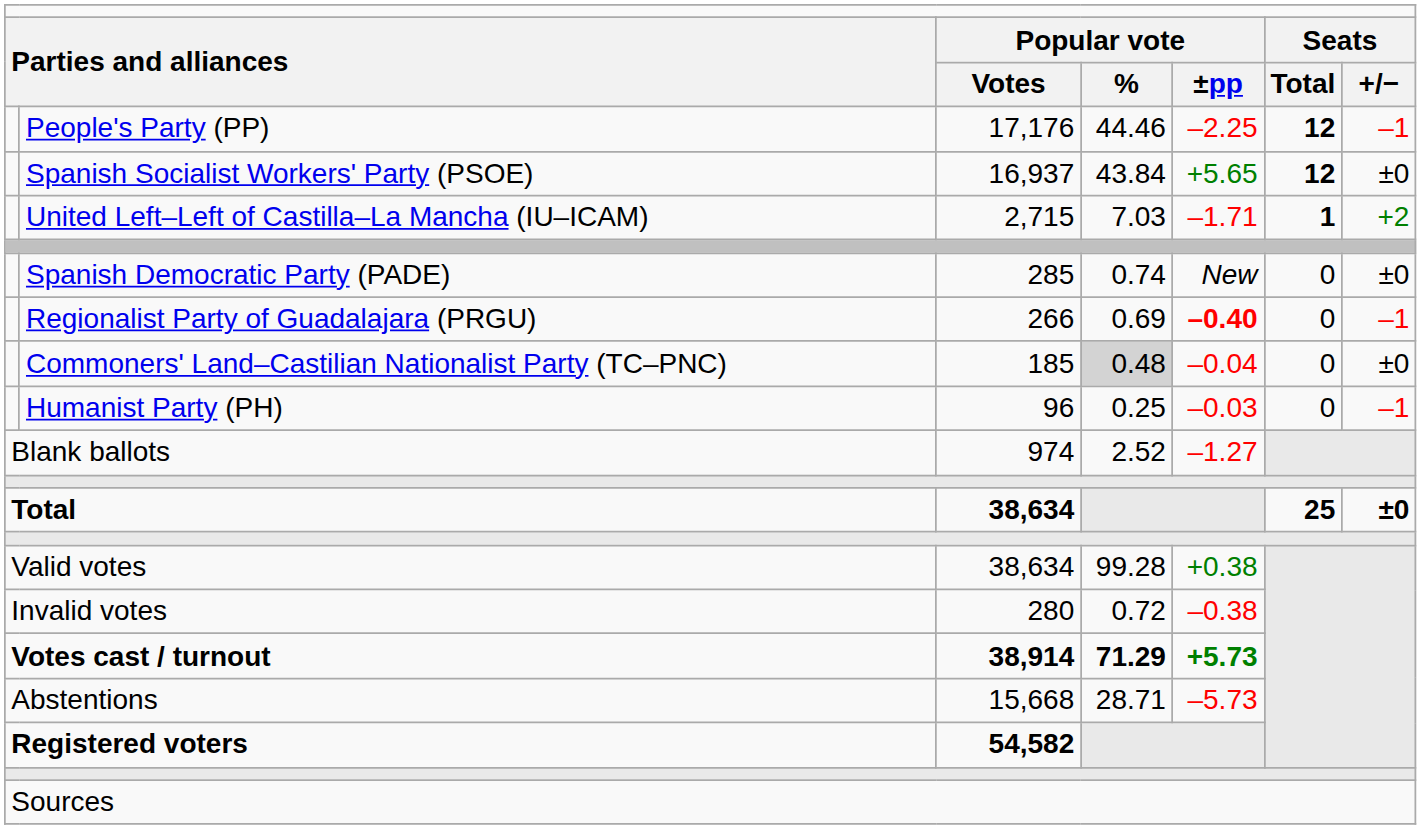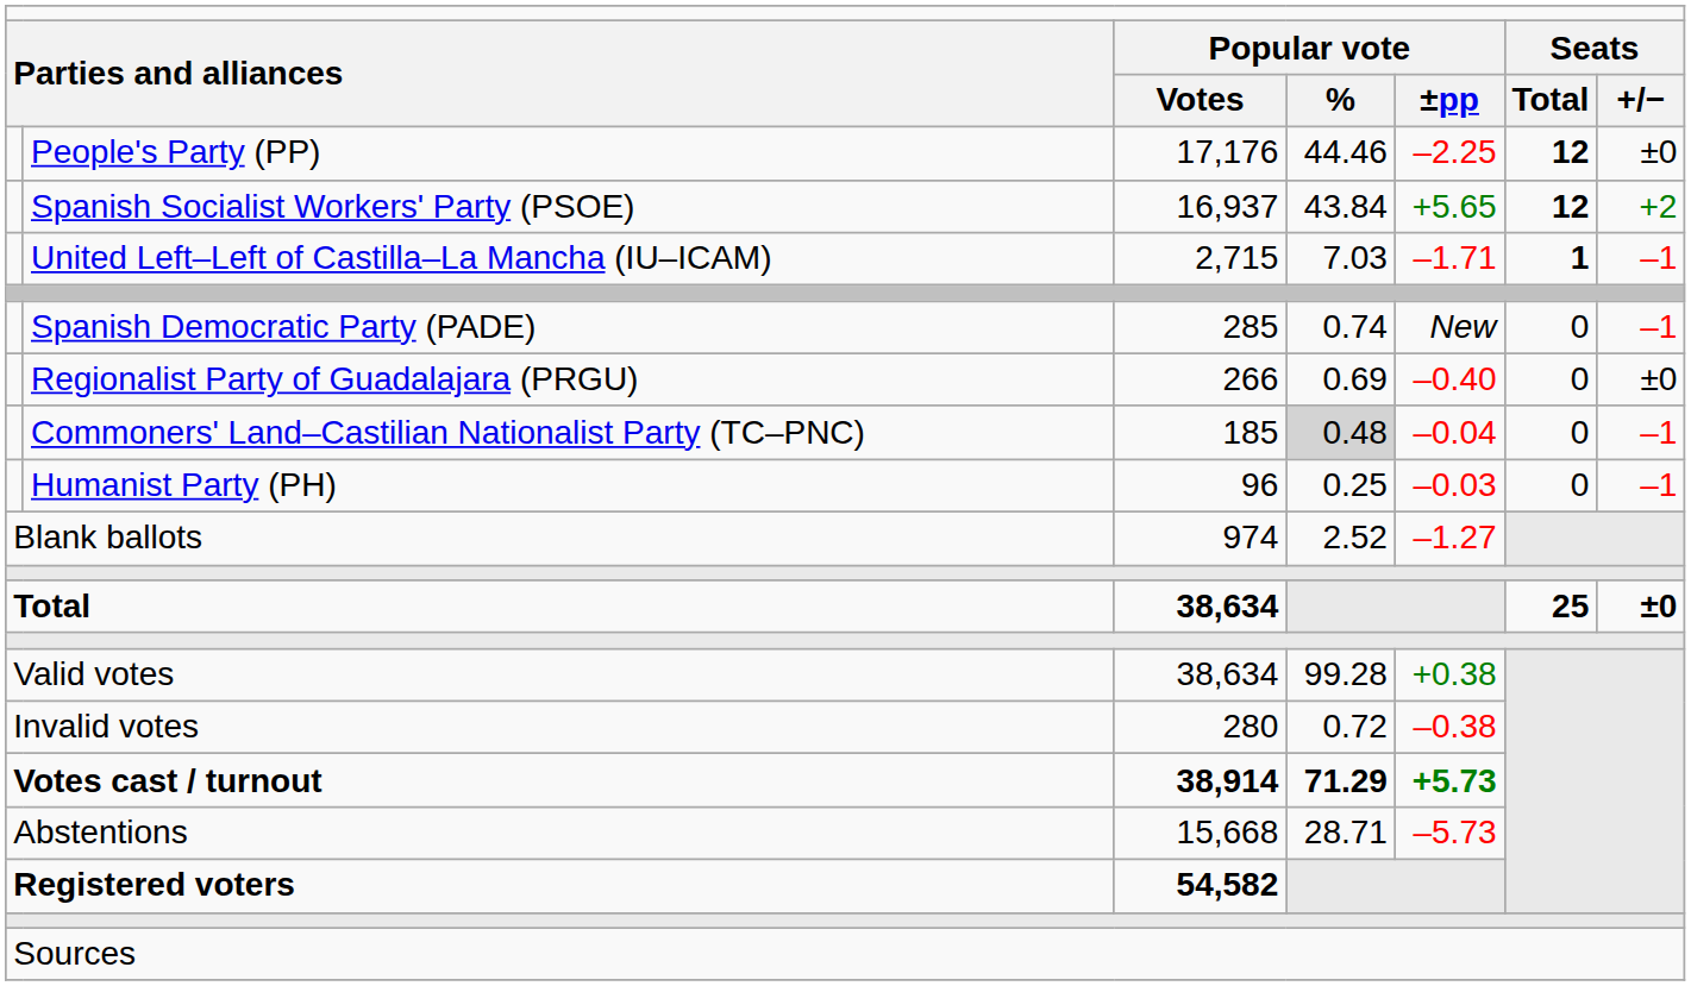 <table class="wikitable" style="text-align:right;">
 <tr>
 <td colspan="7"></td>
 </tr>
 <tr>
 <th style="text-align:left;" rowspan="2" colspan="2" width="525">Parties and alliances</th>
 <th colspan="3">Popular vote</th>
 <th colspan="2">Seats</th>
 </tr>
 <tr>
 <th width="75">Votes</th>
 <th width="45">%</th>
 <th width="45">±<a href='#'>pp</a></th>
 <th width="35">Total</th>
 <th width="35">+/−</th>
 </tr>
 <tr>
 <td width="1" style="color:inherit;background:"></td>
 <td align="left"><a href='#'>People's Party</a> (PP)</td>
 <td>17,176</td>
 <td>44.46</td>
 <td style="color:red;">–2.25</td>
 <td><strong>12</strong></td>
-<td style="color:red;">–1</td>
+<td>±0</td>
 </tr>
 <tr>
 <td style="color:inherit;background:"></td>
 <td align="left"><a href='#'>Spanish Socialist Workers' Party</a> (PSOE)</td>
 <td>16,937</td>
 <td>43.84</td>
 <td style="color:green;">+5.65</td>
 <td><strong>12</strong></td>
-<td>±0</td>
+<td style="color:green;">+2</td>
 </tr>
 <tr>
 <td style="color:inherit;background:"></td>
 <td align="left"><a href='#'>United Left–Left of Castilla–La Mancha</a> (IU–ICAM)</td>
 <td>2,715</td>
 <td>7.03</td>
 <td style="color:red;">–1.71</td>
 <td><strong>1</strong></td>
-<td style="color:green;">+2</td>
+<td style="color:red;">–1</td>
 </tr>
 <tr>
 <td colspan="7" bgcolor="#C0C0C0"></td>
 </tr>
 <tr>
 <td style="color:inherit;background:"></td>
 <td align="left"><a href='#'>Spanish Democratic Party</a> (PADE)</td>
 <td>285</td>
 <td>0.74</td>
 <td><em>New</em></td>
 <td>0</td>
-<td>±0</td>
+<td style="color:red;">–1</td>
 </tr>
 <tr>
 <td style="color:inherit;background:"></td>
 <td align="left"><a href='#'>Regionalist Party of Guadalajara</a> (PRGU)</td>
 <td>266</td>
 <td>0.69</td>
-<td style="color:red;"><strong>–0.40</strong></td>
+<td style="color:red;">–0.40</td>
 <td>0</td>
-<td style="color:red;">–1</td>
+<td>±0</td>
 </tr>
 <tr>
 <td style="color:inherit;background:"></td>
 <td align="left"><a href='#'>Commoners' Land–Castilian Nationalist Party</a> (TC–PNC)</td>
 <td>185</td>
 <td style="background: lightgrey;">0.48</td>
 <td style="color:red;">–0.04</td>
 <td>0</td>
-<td>±0</td>
+<td style="color:red;">–1</td>
 </tr>
 <tr>
 <td style="color:inherit;background:"></td>
 <td align="left"><a href='#'>Humanist Party</a> (PH)</td>
 <td>96</td>
 <td>0.25</td>
 <td style="color:red;">–0.03</td>
 <td>0</td>
 <td style="color:red;">–1</td>
 </tr>
 <tr>
 <td align="left" colspan="2">Blank ballots</td>
 <td>974</td>
 <td>2.52</td>
 <td style="color:red;">–1.27</td>
 <td bgcolor="#E9E9E9" colspan="2"></td>
 </tr>
 <tr>
 <td colspan="7" bgcolor="#E9E9E9"></td>
 </tr>
 <tr style="font-weight:bold;">
 <td align="left" colspan="2">Total</td>
 <td>38,634</td>
 <td bgcolor="#E9E9E9" colspan="2"></td>
 <td>25</td>
 <td>±0</td>
 </tr>
 <tr>
 <td colspan="7" bgcolor="#E9E9E9"></td>
 </tr>
 <tr>
 <td align="left" colspan="2">Valid votes</td>
 <td>38,634</td>
 <td>99.28</td>
 <td style="color:green;">+0.38</td>
 <td bgcolor="#E9E9E9" colspan="2" rowspan="5"></td>
 </tr>
 <tr>
 <td align="left" colspan="2">Invalid votes</td>
 <td>280</td>
 <td>0.72</td>
 <td style="color:red;">–0.38</td>
 </tr>
 <tr style="font-weight:bold;">
 <td align="left" colspan="2">Votes cast / turnout</td>
 <td>38,914</td>
 <td>71.29</td>
 <td style="color:green;">+5.73</td>
 </tr>
 <tr>
 <td align="left" colspan="2">Abstentions</td>
 <td>15,668</td>
 <td>28.71</td>
 <td style="color:red;">–5.73</td>
 </tr>
 <tr style="font-weight:bold;">
 <td align="left" colspan="2">Registered voters</td>
 <td>54,582</td>
 <td bgcolor="#E9E9E9" colspan="2"></td>
 </tr>
 <tr>
 <td colspan="7" bgcolor="#E9E9E9"></td>
 </tr>
 <tr>
 <td align="left" colspan="7">Sources</td>
 </tr>
 </table>
